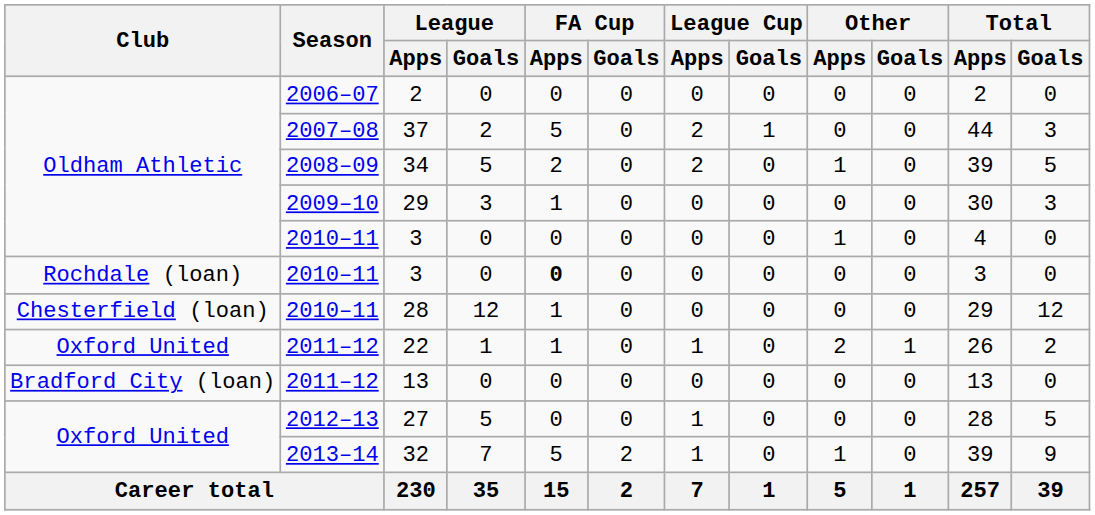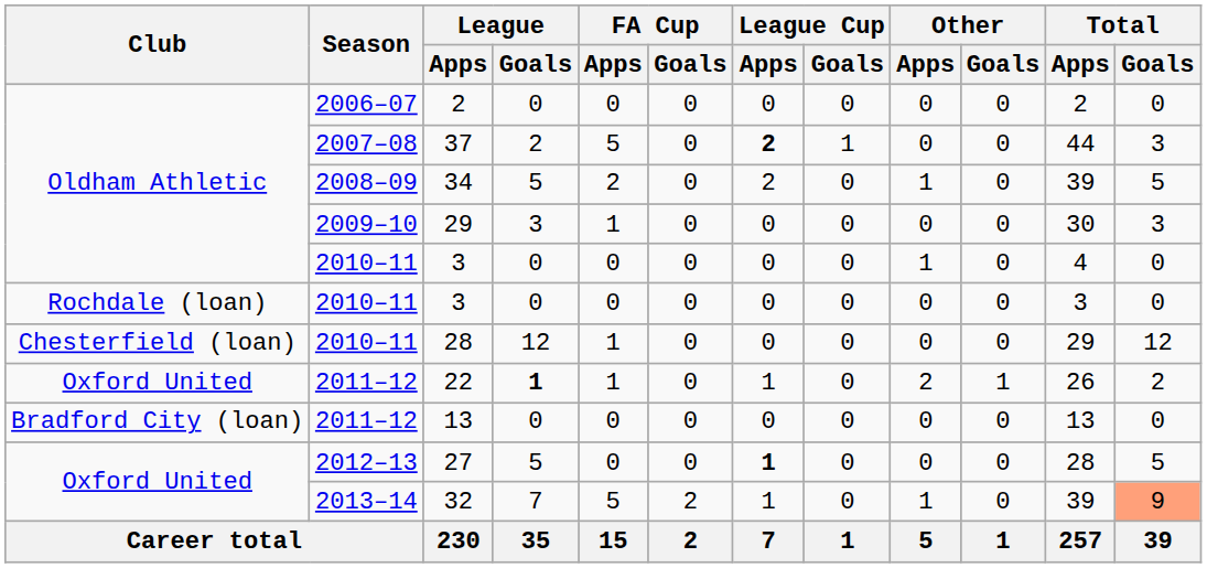 <table class="wikitable" style="text-align:center">
 <tr>
 <th rowspan="2">Club</th>
 <th rowspan="2">Season</th>
 <th colspan="2">League</th>
 <th colspan="2">FA Cup</th>
 <th colspan="2">League Cup</th>
 <th colspan="2">Other</th>
 <th colspan="2">Total</th>
 </tr>
 <tr>
 <th>Apps</th>
 <th>Goals</th>
 <th>Apps</th>
 <th>Goals</th>
 <th>Apps</th>
 <th>Goals</th>
 <th>Apps</th>
 <th>Goals</th>
 <th>Apps</th>
 <th>Goals</th>
 </tr>
 <tr>
 <td rowspan="5"><a href='#'>Oldham Athletic</a></td>
 <td><a href='#'>2006–07</a></td>
 <td>2</td>
 <td>0</td>
 <td>0</td>
 <td>0</td>
 <td>0</td>
 <td>0</td>
 <td>0</td>
 <td>0</td>
 <td>2</td>
 <td>0</td>
 </tr>
 <tr>
 <td><a href='#'>2007–08</a></td>
 <td>37</td>
 <td>2</td>
 <td>5</td>
 <td>0</td>
-<td>2</td>
+<td><strong>2</strong></td>
 <td>1</td>
 <td>0</td>
 <td>0</td>
 <td>44</td>
 <td>3</td>
 </tr>
 <tr>
 <td><a href='#'>2008–09</a></td>
 <td>34</td>
 <td>5</td>
 <td>2</td>
 <td>0</td>
 <td>2</td>
 <td>0</td>
 <td>1</td>
 <td>0</td>
 <td>39</td>
 <td>5</td>
 </tr>
 <tr>
 <td><a href='#'>2009–10</a></td>
 <td>29</td>
 <td>3</td>
 <td>1</td>
 <td>0</td>
 <td>0</td>
 <td>0</td>
 <td>0</td>
 <td>0</td>
 <td>30</td>
 <td>3</td>
 </tr>
 <tr>
 <td><a href='#'>2010–11</a></td>
 <td>3</td>
 <td>0</td>
 <td>0</td>
 <td>0</td>
 <td>0</td>
 <td>0</td>
 <td>1</td>
 <td>0</td>
 <td>4</td>
 <td>0</td>
 </tr>
 <tr>
 <td><a href='#'>Rochdale</a> (loan)</td>
 <td><a href='#'>2010–11</a></td>
 <td>3</td>
 <td>0</td>
-<td><strong>0</strong></td>
+<td>0</td>
 <td>0</td>
 <td>0</td>
 <td>0</td>
 <td>0</td>
 <td>0</td>
 <td>3</td>
 <td>0</td>
 </tr>
 <tr>
 <td><a href='#'>Chesterfield</a> (loan)</td>
 <td><a href='#'>2010–11</a></td>
 <td>28</td>
 <td>12</td>
 <td>1</td>
 <td>0</td>
 <td>0</td>
 <td>0</td>
 <td>0</td>
 <td>0</td>
 <td>29</td>
 <td>12</td>
 </tr>
 <tr>
 <td><a href='#'>Oxford United</a></td>
 <td><a href='#'>2011–12</a></td>
 <td>22</td>
-<td>1</td>
+<td><strong>1</strong></td>
 <td>1</td>
 <td>0</td>
 <td>1</td>
 <td>0</td>
 <td>2</td>
 <td>1</td>
 <td>26</td>
 <td>2</td>
 </tr>
 <tr>
 <td><a href='#'>Bradford City</a> (loan)</td>
 <td><a href='#'>2011–12</a></td>
 <td>13</td>
 <td>0</td>
 <td>0</td>
 <td>0</td>
 <td>0</td>
 <td>0</td>
 <td>0</td>
 <td>0</td>
 <td>13</td>
 <td>0</td>
 </tr>
 <tr>
 <td rowspan="2"><a href='#'>Oxford United</a></td>
 <td><a href='#'>2012–13</a></td>
 <td>27</td>
 <td>5</td>
 <td>0</td>
 <td>0</td>
-<td>1</td>
+<td><strong>1</strong></td>
 <td>0</td>
 <td>0</td>
 <td>0</td>
 <td>28</td>
 <td>5</td>
 </tr>
 <tr>
 <td><a href='#'>2013–14</a></td>
 <td>32</td>
 <td>7</td>
 <td>5</td>
 <td>2</td>
 <td>1</td>
 <td>0</td>
 <td>1</td>
 <td>0</td>
 <td>39</td>
-<td>9</td>
+<td style="background: lightsalmon;">9</td>
 </tr>
 <tr>
 <th colspan="2">Career total</th>
 <th>230</th>
 <th>35</th>
 <th>15</th>
 <th>2</th>
 <th>7</th>
 <th>1</th>
 <th>5</th>
 <th>1</th>
 <th>257</th>
 <th>39</th>
 </tr>
 </table>
